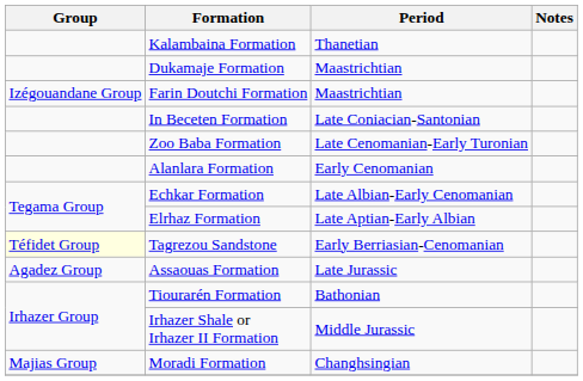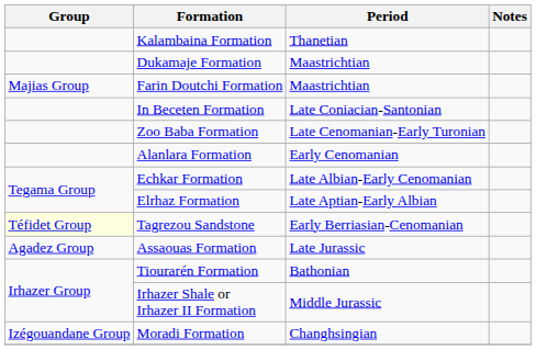 <table class="wikitable sortable">
 <tr>
 <th>Group</th>
 <th>Formation</th>
 <th>Period</th>
 <th class="unsortable">Notes</th>
 </tr>
 <tr>
 <td></td>
 <td><a href='#'>Kalambaina Formation</a></td>
 <td style="background-color: "><a href='#'>Thanetian</a></td>
 <td align=center></td>
 </tr>
 <tr>
 <td></td>
 <td><a href='#'>Dukamaje Formation</a></td>
 <td style="background-color: "><a href='#'>Maastrichtian</a></td>
 <td align=center></td>
 </tr>
 <tr>
-<td><a href='#'>Izégouandane Group</a></td>
+<td><a href='#'>Majias Group</a></td>
 <td><a href='#'>Farin Doutchi Formation</a></td>
 <td style="background-color: "><a href='#'>Maastrichtian</a></td>
 <td align=center></td>
 </tr>
 <tr>
 <td></td>
 <td><a href='#'>In Beceten Formation</a></td>
 <td style="background-color: "><a href='#'>Late Coniacian</a>-<a href='#'>Santonian</a></td>
 <td align=center></td>
 </tr>
 <tr>
 <td></td>
 <td><a href='#'>Zoo Baba Formation</a></td>
 <td style="background-color: "><a href='#'>Late Cenomanian</a>-<a href='#'>Early Turonian</a></td>
 <td align=center></td>
 </tr>
 <tr>
 <td></td>
 <td><a href='#'>Alanlara Formation</a></td>
 <td style="background-color: "><a href='#'>Early Cenomanian</a></td>
 <td align=center></td>
 </tr>
 <tr>
 <td rowspan=2><a href='#'>Tegama Group</a></td>
 <td><a href='#'>Echkar Formation</a></td>
 <td style="background-color: "><a href='#'>Late Albian</a>-<a href='#'>Early Cenomanian</a></td>
 <td align=center></td>
 </tr>
 <tr>
 <td><a href='#'>Elrhaz Formation</a></td>
 <td style="background-color: "><a href='#'>Late Aptian</a>-<a href='#'>Early Albian</a></td>
 <td align=center></td>
 </tr>
 <tr>
 <td style="background: lightyellow;"><a href='#'>Téfidet Group</a></td>
 <td><a href='#'>Tagrezou Sandstone</a></td>
 <td style="background-color: "><a href='#'>Early Berriasian</a>-<a href='#'>Cenomanian</a></td>
 <td align=center></td>
 </tr>
 <tr>
 <td><a href='#'>Agadez Group</a></td>
 <td><a href='#'>Assaouas Formation</a></td>
 <td style="background-color: "><a href='#'>Late Jurassic</a></td>
 <td align=center></td>
 </tr>
 <tr>
 <td rowspan=2><a href='#'>Irhazer Group</a></td>
 <td><a href='#'>Tiourarén Formation</a></td>
 <td style="background-color: "><a href='#'>Bathonian</a></td>
 <td align=center></td>
 </tr>
 <tr>
 <td><a href='#'>Irhazer Shale</a> or<br><a href='#'>Irhazer II Formation</a></td>
 <td style="background-color: "><a href='#'>Middle Jurassic</a></td>
 <td align=center></td>
 </tr>
 <tr>
-<td><a href='#'>Majias Group</a></td>
+<td><a href='#'>Izégouandane Group</a></td>
 <td><a href='#'>Moradi Formation</a></td>
 <td style="background-color: "><a href='#'>Changhsingian</a></td>
 <td align=center></td>
 </tr>
 <tr>
 </tr>
 </table>
